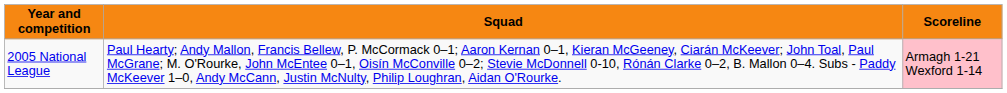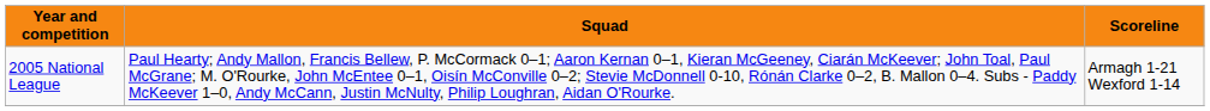 <table class="wikitable">
 <tr>
 <th style="background:#F68712">Year and competition</th>
 <th style="background:#F68712">Squad</th>
 <th style="background:#F68712">Scoreline</th>
 </tr>
 <tr>
 <td><a href='#'>2005 National League</a></td>
 <td><a href='#'>Paul Hearty</a>; <a href='#'>Andy Mallon</a>, <a href='#'>Francis Bellew</a>, P. McCormack 0–1; <a href='#'>Aaron Kernan</a> 0–1, <a href='#'>Kieran McGeeney</a>, <a href='#'>Ciarán McKeever</a>; <a href='#'>John Toal</a>, <a href='#'>Paul McGrane</a>; M. O'Rourke, <a href='#'>John McEntee</a> 0–1, <a href='#'>Oisín McConville</a> 0–2; <a href='#'>Stevie McDonnell</a> 0-10, <a href='#'>Rónán Clarke</a> 0–2, B. Mallon 0–4. Subs - <a href='#'>Paddy McKeever</a> 1–0, <a href='#'>Andy McCann</a>, <a href='#'>Justin McNulty</a>, <a href='#'>Philip Loughran</a>, <a href='#'>Aidan O'Rourke</a>.</td>
-<td style="background: pink;">Armagh 1-21 Wexford 1-14</td>
+<td>Armagh 1-21 Wexford 1-14</td>
 </tr>
 <tr>
 </tr>
 </table>
